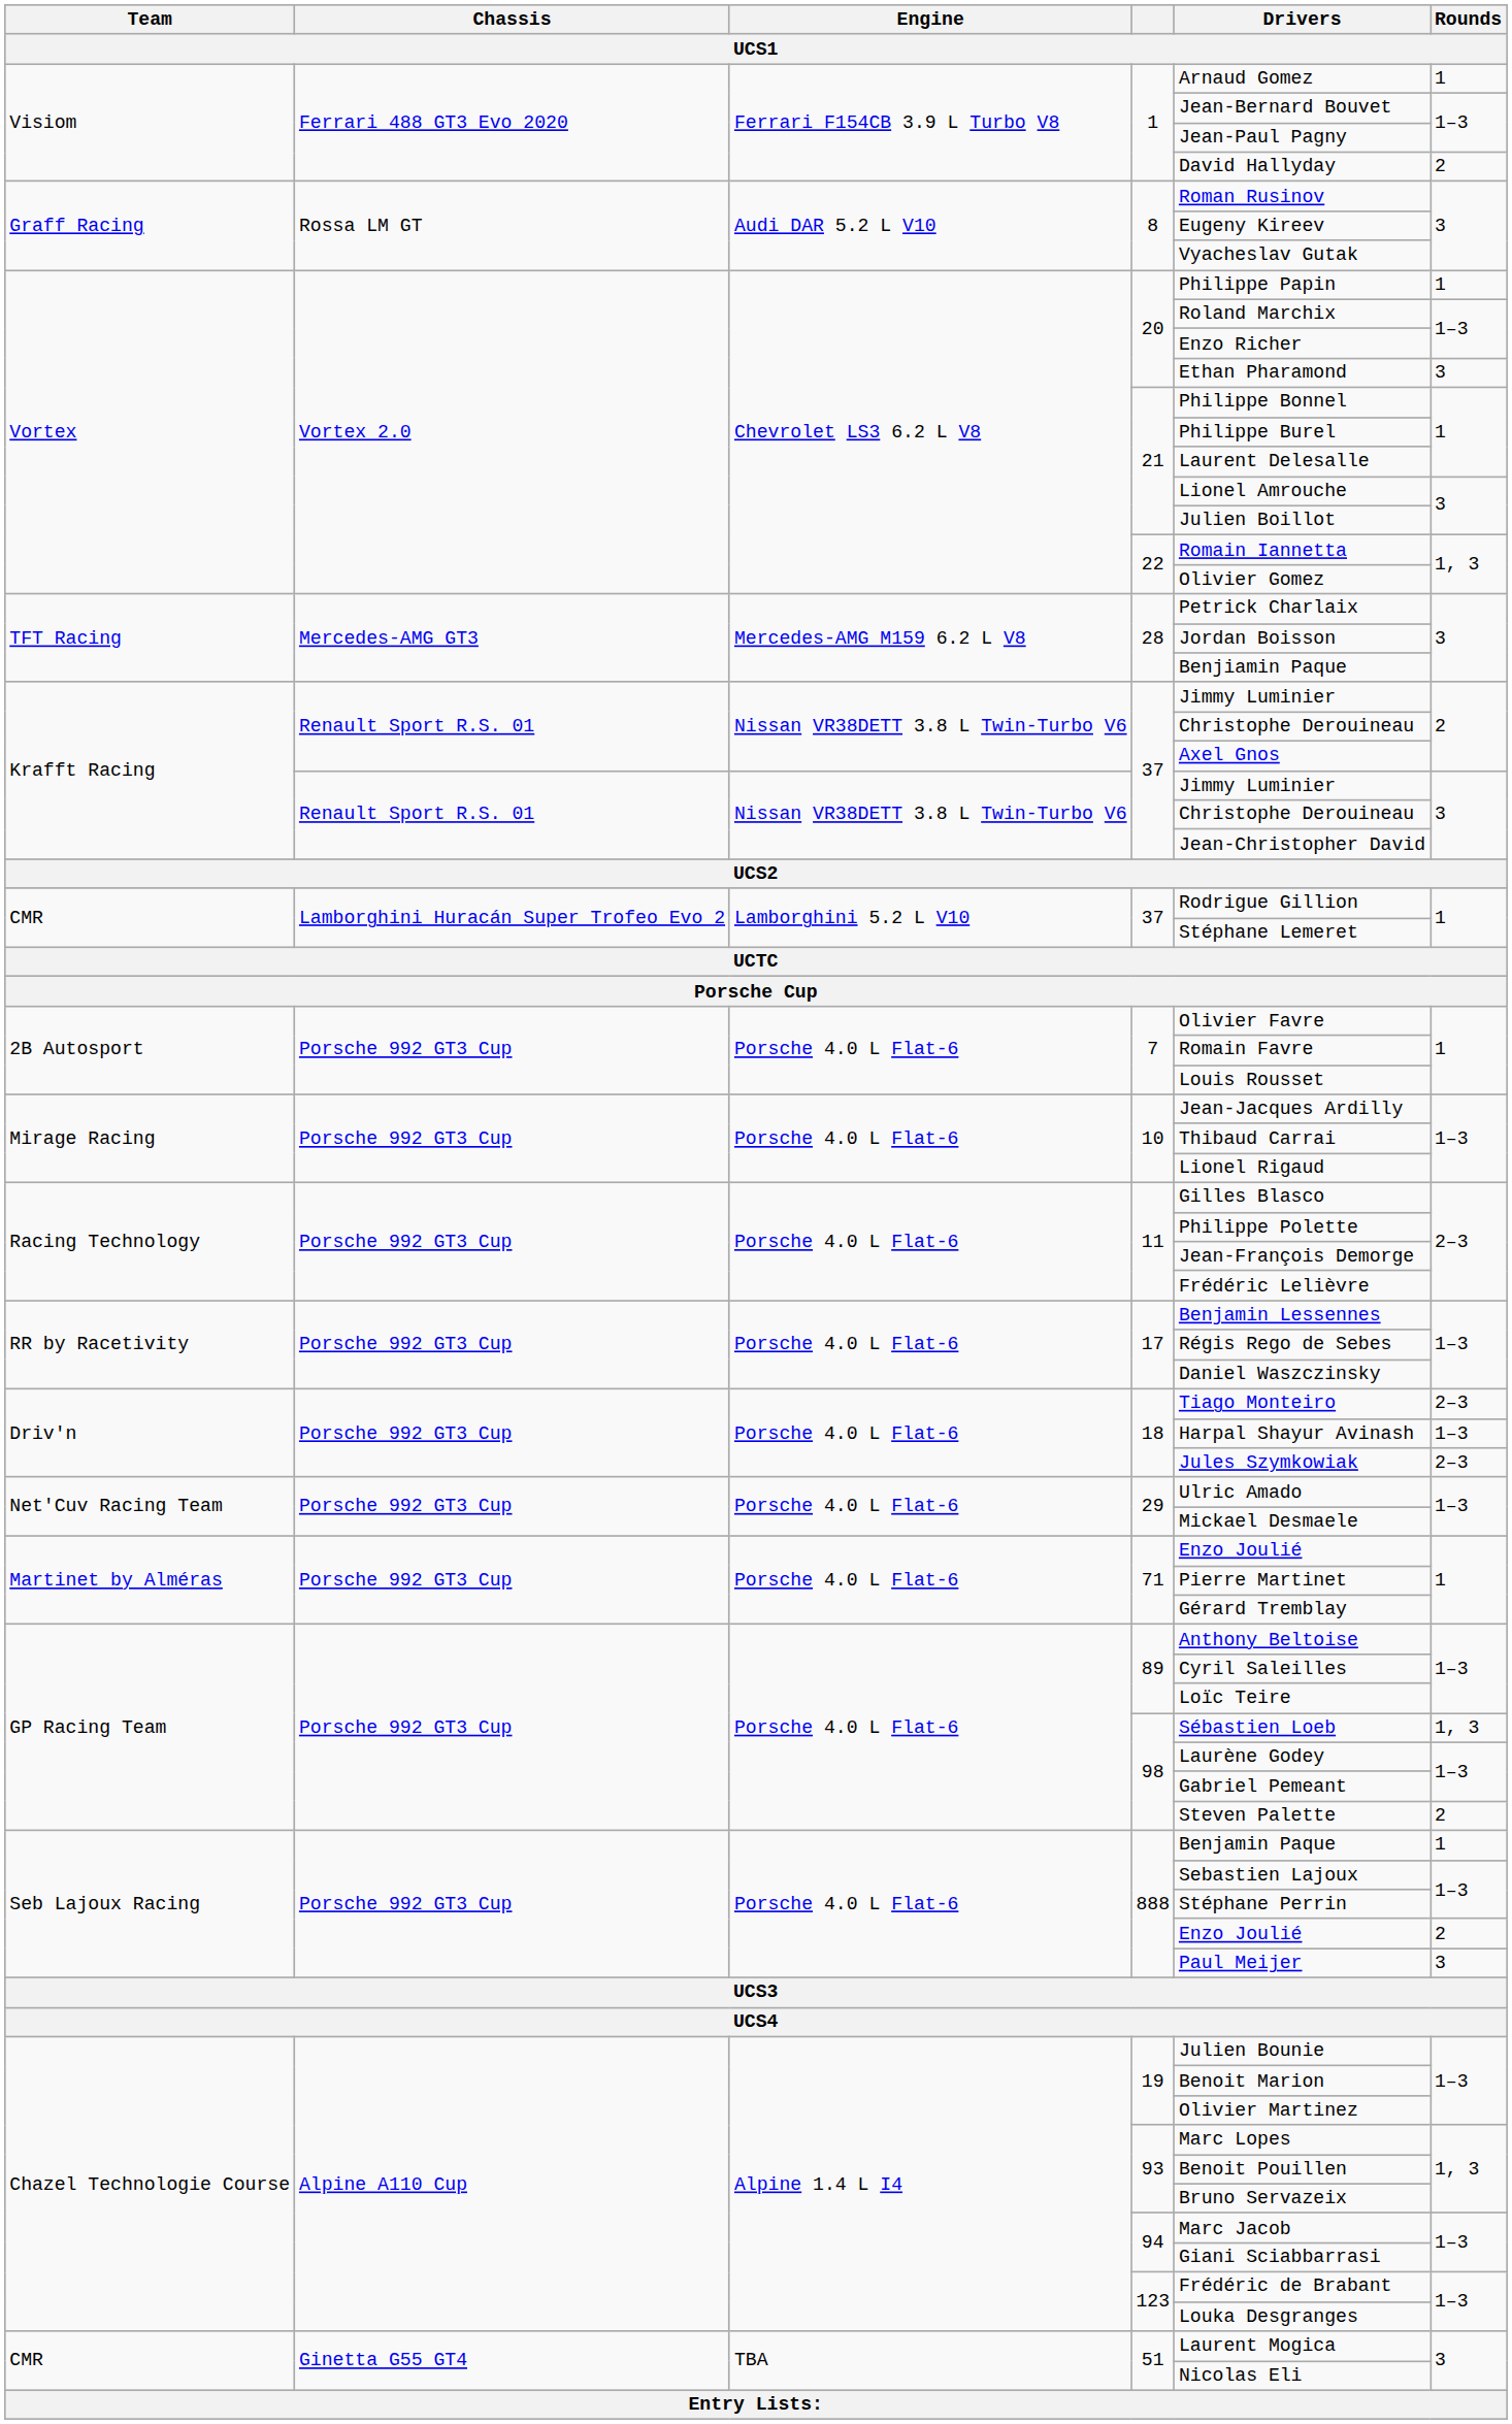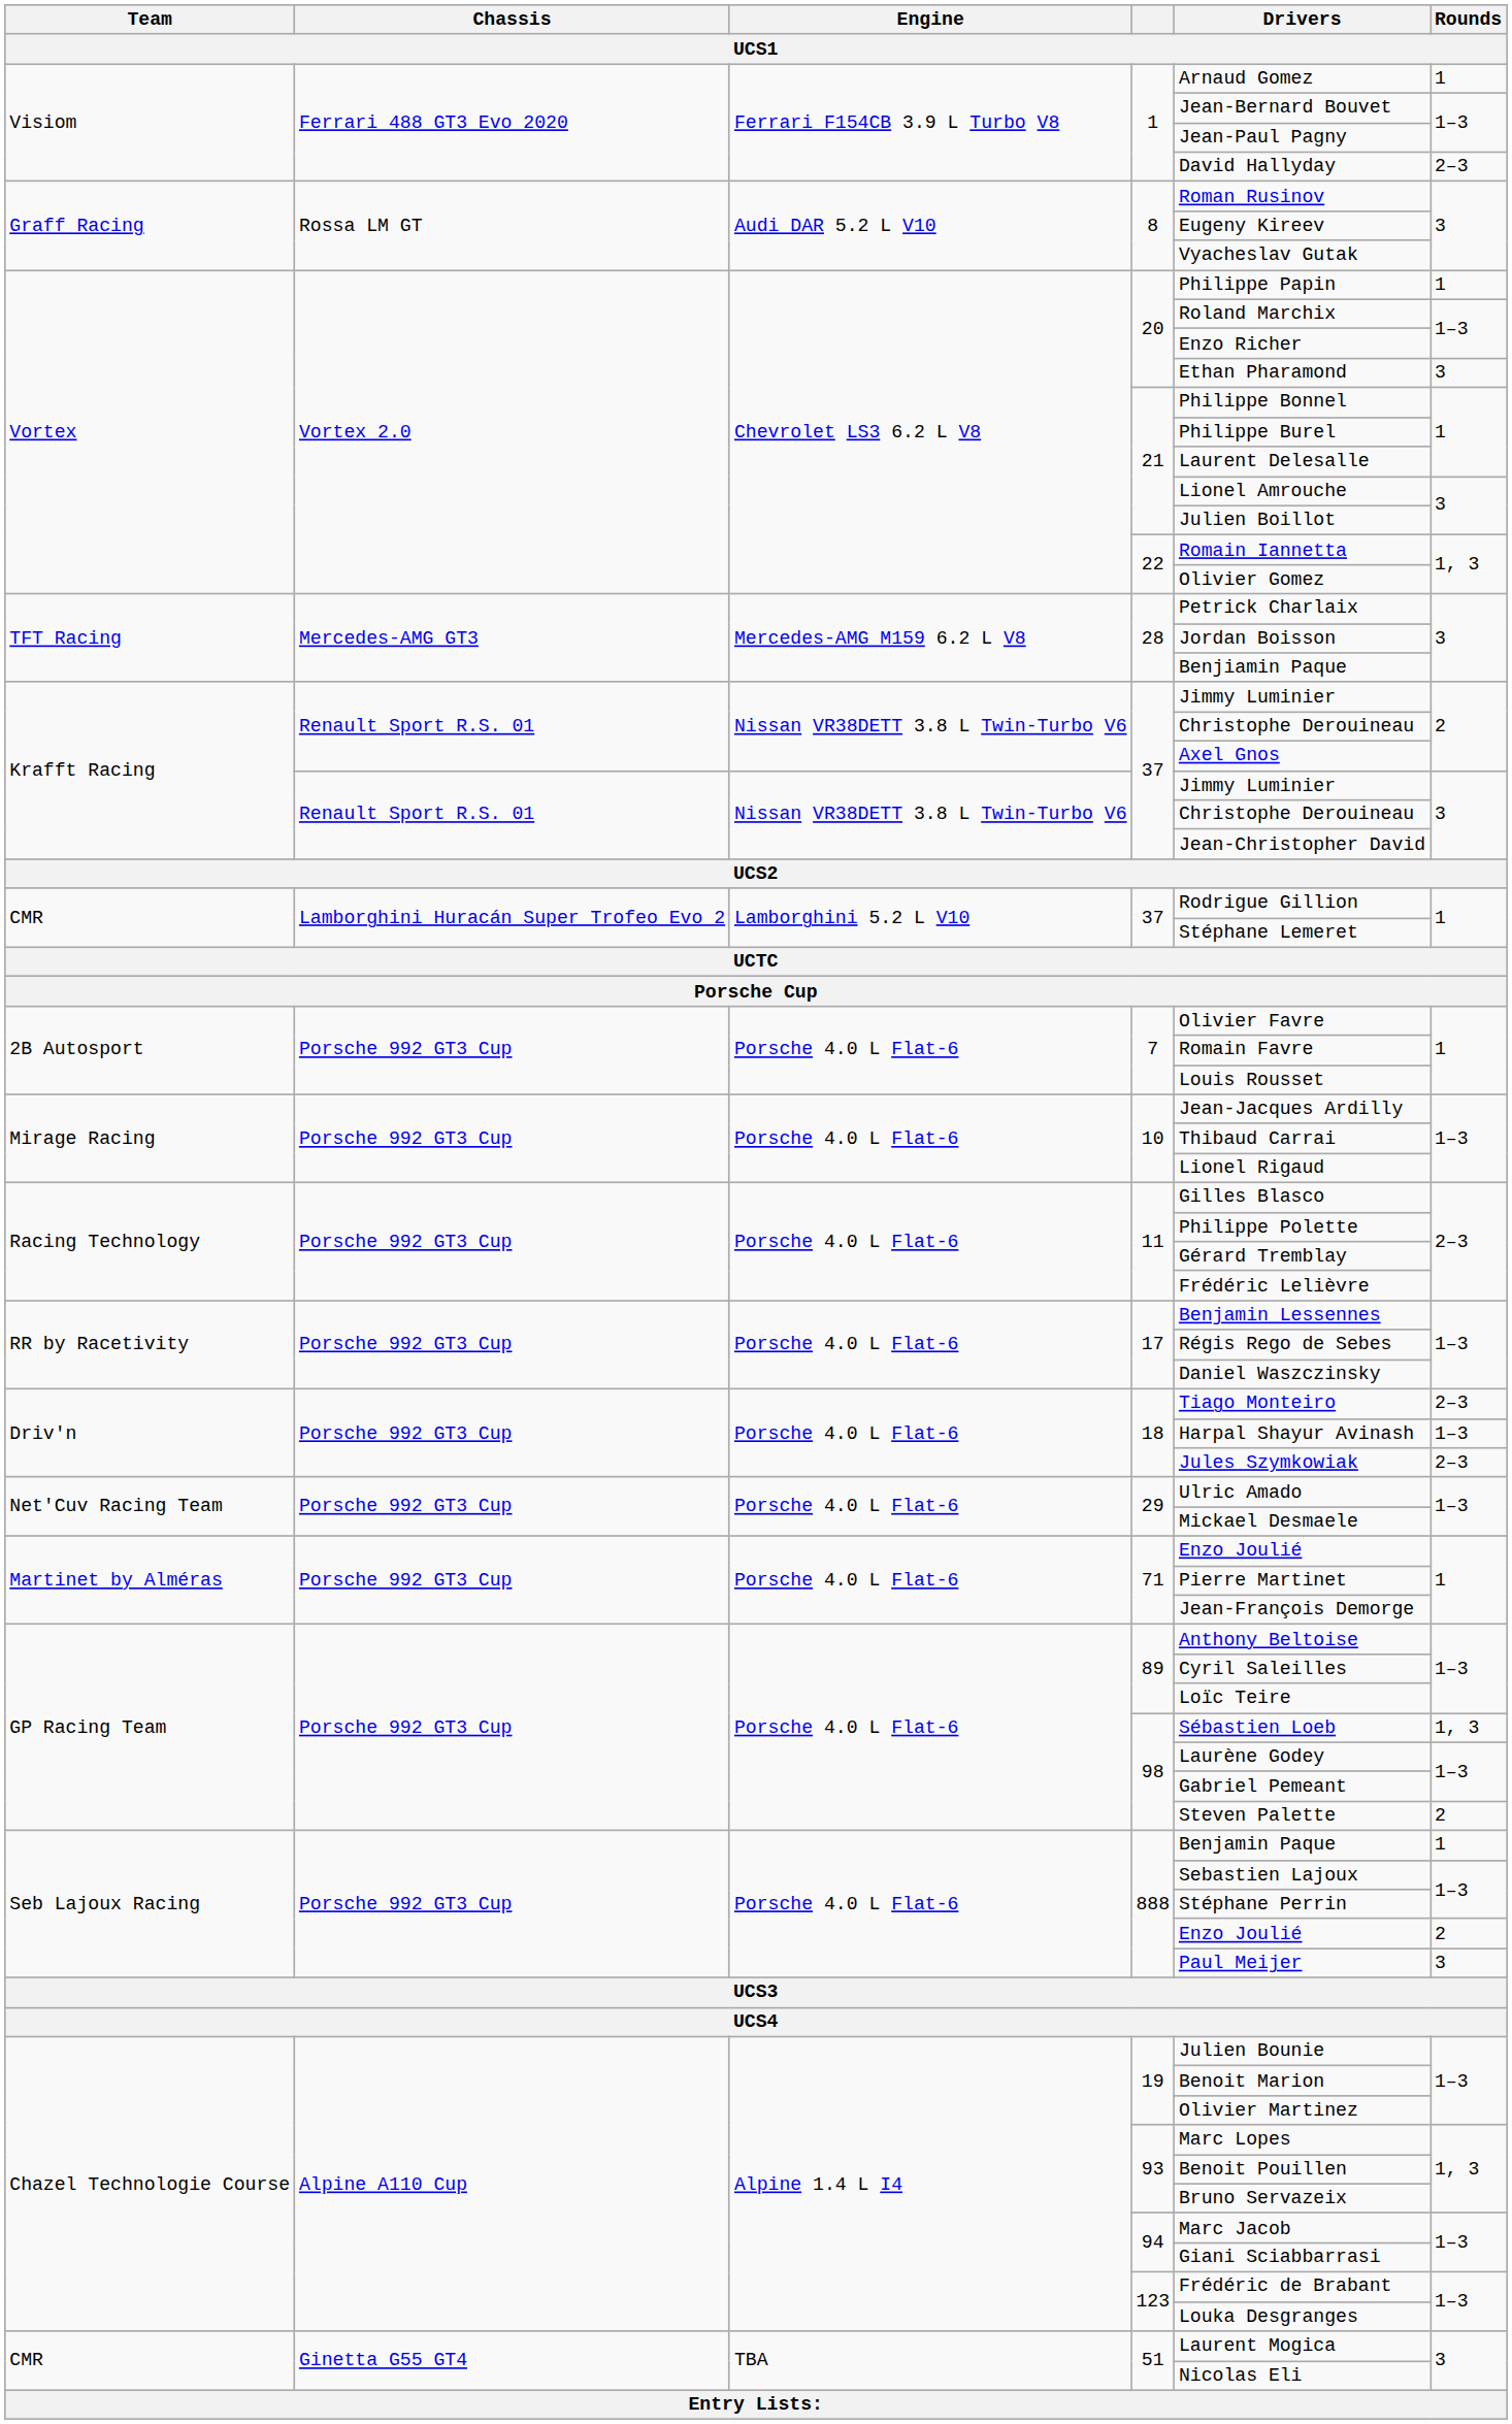 <table class="wikitable" style="font-size: 85%;">
 <tr>
 <th>Team</th>
 <th>Chassis</th>
 <th>Engine</th>
 <th></th>
 <th>Drivers</th>
 <th>Rounds</th>
 </tr>
 <tr>
 <th colspan=6>UCS1</th>
 </tr>
 <tr>
 <td rowspan=4> Visiom</td>
 <td rowspan=4><a href='#'>Ferrari 488 GT3 Evo 2020</a></td>
 <td rowspan=4><a href='#'>Ferrari F154CB</a> 3.9 L <a href='#'>Turbo</a> <a href='#'>V8</a></td>
 <td rowspan=4 align=center>1</td>
 <td> Arnaud Gomez</td>
 <td rowspan=1>1</td>
 </tr>
 <tr>
 <td> Jean-Bernard Bouvet</td>
 <td rowspan=2>1–3</td>
 </tr>
 <tr>
 <td> Jean-Paul Pagny</td>
 </tr>
 <tr>
 <td> David Hallyday</td>
-<td rowspan=1>2</td>
+<td rowspan=1>2–3</td>
 </tr>
 <tr>
 <td rowspan=3> <a href='#'>Graff Racing</a></td>
 <td rowspan=3>Rossa LM GT</td>
 <td rowspan=3><a href='#'>Audi DAR</a> 5.2 L <a href='#'>V10</a></td>
 <td rowspan=3 align=center>8</td>
 <td> <a href='#'>Roman Rusinov</a></td>
 <td rowspan=3>3</td>
 </tr>
 <tr>
 <td> Eugeny Kireev</td>
 </tr>
 <tr>
 <td> Vyacheslav Gutak</td>
 </tr>
 <tr>
 <td rowspan=11> <a href='#'>Vortex</a></td>
 <td rowspan=11><a href='#'>Vortex 2.0</a></td>
 <td rowspan=11><a href='#'>Chevrolet</a> <a href='#'>LS3</a> 6.2 L <a href='#'>V8</a></td>
 <td rowspan=4 align=center>20</td>
 <td> Philippe Papin</td>
 <td rowspan=1>1</td>
 </tr>
 <tr>
 <td> Roland Marchix</td>
 <td rowspan=2>1–3</td>
 </tr>
 <tr>
 <td> Enzo Richer</td>
 </tr>
 <tr>
 <td> Ethan Pharamond</td>
 <td rowspan=1>3</td>
 </tr>
 <tr>
 <td rowspan=5 align=center>21</td>
 <td> Philippe Bonnel</td>
 <td rowspan=3>1</td>
 </tr>
 <tr>
 <td> Philippe Burel</td>
 </tr>
 <tr>
 <td> Laurent Delesalle</td>
 </tr>
 <tr>
 <td> Lionel Amrouche</td>
 <td rowspan=2>3</td>
 </tr>
 <tr>
 <td> Julien Boillot</td>
 </tr>
 <tr>
 <td rowspan=2 align=center>22</td>
 <td> <a href='#'>Romain Iannetta</a></td>
 <td rowspan=2>1, 3</td>
 </tr>
 <tr>
 <td> Olivier Gomez</td>
 </tr>
 <tr>
 <td rowspan=3> <a href='#'>TFT Racing</a></td>
 <td rowspan=3><a href='#'>Mercedes-AMG GT3</a></td>
 <td rowspan=3><a href='#'>Mercedes-AMG M159</a> 6.2 L <a href='#'>V8</a></td>
 <td rowspan=3 align=center>28</td>
 <td> Petrick Charlaix</td>
 <td rowspan=3>3</td>
 </tr>
 <tr>
 <td> Jordan Boisson</td>
 </tr>
 <tr>
 <td> Benjiamin Paque</td>
 </tr>
 <tr>
 <td rowspan=6> Krafft Racing</td>
 <td rowspan=3><a href='#'>Renault Sport R.S. 01</a></td>
 <td rowspan=3><a href='#'>Nissan</a> <a href='#'>VR38DETT</a> 3.8 L <a href='#'>Twin-Turbo</a> <a href='#'>V6</a></td>
 <td rowspan=6 align=center>37</td>
 <td> Jimmy Luminier</td>
 <td rowspan=3>2</td>
 </tr>
 <tr>
 <td> Christophe Derouineau</td>
 </tr>
 <tr>
 <td> <a href='#'>Axel Gnos</a></td>
 </tr>
 <tr>
 <td rowspan=3><a href='#'>Renault Sport R.S. 01</a></td>
 <td rowspan=3><a href='#'>Nissan</a> <a href='#'>VR38DETT</a> 3.8 L <a href='#'>Twin-Turbo</a> <a href='#'>V6</a></td>
 <td> Jimmy Luminier</td>
 <td rowspan=3>3</td>
 </tr>
 <tr>
 <td> Christophe Derouineau</td>
 </tr>
 <tr>
 <td> Jean-Christopher David</td>
 </tr>
 <tr>
 <th colspan=6>UCS2</th>
 </tr>
 <tr>
 <td rowspan=2> CMR</td>
 <td rowspan=2><a href='#'>Lamborghini Huracán Super Trofeo Evo 2</a></td>
 <td rowspan=2><a href='#'>Lamborghini</a> 5.2 L <a href='#'>V10</a></td>
 <td rowspan=2 align=center>37</td>
 <td> Rodrigue Gillion</td>
 <td rowspan=2>1</td>
 </tr>
 <tr>
 <td> Stéphane Lemeret</td>
 </tr>
 <tr>
 <th colspan=6>UCTC</th>
 </tr>
 <tr>
 <th colspan=6>Porsche Cup</th>
 </tr>
 <tr>
 <td rowspan=3> 2B Autosport</td>
 <td rowspan=3><a href='#'>Porsche 992 GT3 Cup</a></td>
 <td rowspan=3><a href='#'>Porsche</a> 4.0 L <a href='#'>Flat-6</a></td>
 <td rowspan=3 align=center>7</td>
 <td> Olivier Favre</td>
 <td rowspan=3>1</td>
 </tr>
 <tr>
 <td> Romain Favre</td>
 </tr>
 <tr>
 <td> Louis Rousset</td>
 </tr>
 <tr>
 <td rowspan=3> Mirage Racing</td>
 <td rowspan=3><a href='#'>Porsche 992 GT3 Cup</a></td>
 <td rowspan=3><a href='#'>Porsche</a> 4.0 L <a href='#'>Flat-6</a></td>
 <td rowspan=3 align=center>10</td>
 <td> Jean-Jacques Ardilly</td>
 <td rowspan=3>1–3</td>
 </tr>
 <tr>
 <td> Thibaud Carrai</td>
 </tr>
 <tr>
 <td> Lionel Rigaud</td>
 </tr>
 <tr>
 <td rowspan=4> Racing Technology</td>
 <td rowspan=4><a href='#'>Porsche 992 GT3 Cup</a></td>
 <td rowspan=4><a href='#'>Porsche</a> 4.0 L <a href='#'>Flat-6</a></td>
 <td rowspan=4 align=center>11</td>
 <td> Gilles Blasco</td>
 <td rowspan=4>2–3</td>
 </tr>
 <tr>
 <td> Philippe Polette</td>
 </tr>
 <tr>
-<td> Jean-François Demorge</td>
+<td> Gérard Tremblay</td>
 </tr>
 <tr>
 <td> Frédéric Lelièvre</td>
 </tr>
 <tr>
 <td rowspan=3> RR by Racetivity</td>
 <td rowspan=3><a href='#'>Porsche 992 GT3 Cup</a></td>
 <td rowspan=3><a href='#'>Porsche</a> 4.0 L <a href='#'>Flat-6</a></td>
 <td rowspan=3 align=center>17</td>
 <td> <a href='#'>Benjamin Lessennes</a></td>
 <td rowspan=3>1–3</td>
 </tr>
 <tr>
 <td> Régis Rego de Sebes</td>
 </tr>
 <tr>
 <td> Daniel Waszczinsky</td>
 </tr>
 <tr>
 <td rowspan=3> Driv'n</td>
 <td rowspan=3><a href='#'>Porsche 992 GT3 Cup</a></td>
 <td rowspan=3><a href='#'>Porsche</a> 4.0 L <a href='#'>Flat-6</a></td>
 <td rowspan=3 align=center>18</td>
 <td> <a href='#'>Tiago Monteiro</a></td>
 <td rowspan=1>2–3</td>
 </tr>
 <tr>
 <td> Harpal Shayur Avinash</td>
 <td rowspan=1>1–3</td>
 </tr>
 <tr>
 <td> <a href='#'>Jules Szymkowiak</a></td>
 <td rowspan=1>2–3</td>
 </tr>
 <tr>
 <td rowspan=2> Net'Cuv Racing Team</td>
 <td rowspan=2><a href='#'>Porsche 992 GT3 Cup</a></td>
 <td rowspan=2><a href='#'>Porsche</a> 4.0 L <a href='#'>Flat-6</a></td>
 <td rowspan=2 align=center>29</td>
 <td> Ulric Amado</td>
 <td rowspan=2>1–3</td>
 </tr>
 <tr>
 <td> Mickael Desmaele</td>
 </tr>
 <tr>
 <td rowspan=3> <a href='#'>Martinet by Alméras</a></td>
 <td rowspan=3><a href='#'>Porsche 992 GT3 Cup</a></td>
 <td rowspan=3><a href='#'>Porsche</a> 4.0 L <a href='#'>Flat-6</a></td>
 <td rowspan=3 align=center>71</td>
 <td> <a href='#'>Enzo Joulié</a></td>
 <td rowspan=3>1</td>
 </tr>
 <tr>
 <td> Pierre Martinet</td>
 </tr>
 <tr>
-<td> Gérard Tremblay</td>
+<td> Jean-François Demorge</td>
 </tr>
 <tr>
 <td rowspan=7> GP Racing Team</td>
 <td rowspan=7><a href='#'>Porsche 992 GT3 Cup</a></td>
 <td rowspan=7><a href='#'>Porsche</a> 4.0 L <a href='#'>Flat-6</a></td>
 <td rowspan=3 align=center>89</td>
 <td> <a href='#'>Anthony Beltoise</a></td>
 <td rowspan=3>1–3</td>
 </tr>
 <tr>
 <td> Cyril Saleilles</td>
 </tr>
 <tr>
 <td> Loïc Teire</td>
 </tr>
 <tr>
 <td rowspan=4 align=center>98</td>
 <td> <a href='#'>Sébastien Loeb</a></td>
 <td rowspan=1>1, 3</td>
 </tr>
 <tr>
 <td> Laurène Godey</td>
 <td rowspan=2>1–3</td>
 </tr>
 <tr>
 <td> Gabriel Pemeant</td>
 </tr>
 <tr>
 <td> Steven Palette</td>
 <td rowspan=1>2</td>
 </tr>
 <tr>
 <td rowspan=5> Seb Lajoux Racing</td>
 <td rowspan=5><a href='#'>Porsche 992 GT3 Cup</a></td>
 <td rowspan=5><a href='#'>Porsche</a> 4.0 L <a href='#'>Flat-6</a></td>
 <td rowspan=5 align=center>888</td>
 <td> Benjamin Paque</td>
 <td rowspan=1>1</td>
 </tr>
 <tr>
 <td> Sebastien Lajoux</td>
 <td rowspan=2>1–3</td>
 </tr>
 <tr>
 <td> Stéphane Perrin</td>
 </tr>
 <tr>
 <td> <a href='#'>Enzo Joulié</a></td>
 <td rowspan=1>2</td>
 </tr>
 <tr>
 <td> <a href='#'>Paul Meijer</a></td>
 <td rowspan=1>3</td>
 </tr>
 <tr>
 <th colspan=6>UCS3</th>
 </tr>
 <tr>
 <th colspan=6>UCS4</th>
 </tr>
 <tr>
 <td rowspan=10> Chazel Technologie Course</td>
 <td rowspan=10><a href='#'>Alpine A110 Cup</a></td>
 <td rowspan=10><a href='#'>Alpine</a> 1.4 L <a href='#'>I4</a></td>
 <td rowspan=3 align=center>19</td>
 <td> Julien Bounie</td>
 <td rowspan=3>1–3</td>
 </tr>
 <tr>
 <td> Benoit Marion</td>
 </tr>
 <tr>
 <td> Olivier Martinez</td>
 </tr>
 <tr>
 <td rowspan=3 align=center>93</td>
 <td> Marc Lopes</td>
 <td rowspan=3>1, 3</td>
 </tr>
 <tr>
 <td> Benoit Pouillen</td>
 </tr>
 <tr>
 <td> Bruno Servazeix</td>
 </tr>
 <tr>
 <td rowspan=2 align=center>94</td>
 <td> Marc Jacob</td>
 <td rowspan=2>1–3</td>
 </tr>
 <tr>
 <td> Giani Sciabbarrasi</td>
 </tr>
 <tr>
 <td rowspan=2 align=center>123</td>
 <td> Frédéric de Brabant</td>
 <td rowspan=2>1–3</td>
 </tr>
 <tr>
 <td> Louka Desgranges</td>
 </tr>
 <tr>
 <td rowspan=2> CMR</td>
 <td rowspan=2><a href='#'>Ginetta G55 GT4</a></td>
 <td rowspan=2>TBA</td>
 <td rowspan=2 align=center>51</td>
 <td> Laurent Mogica</td>
 <td rowspan=2>3</td>
 </tr>
 <tr>
 <td> Nicolas Eli</td>
 </tr>
 <tr>
 <th colspan=6>Entry Lists: </th>
 </tr>
 </table>
